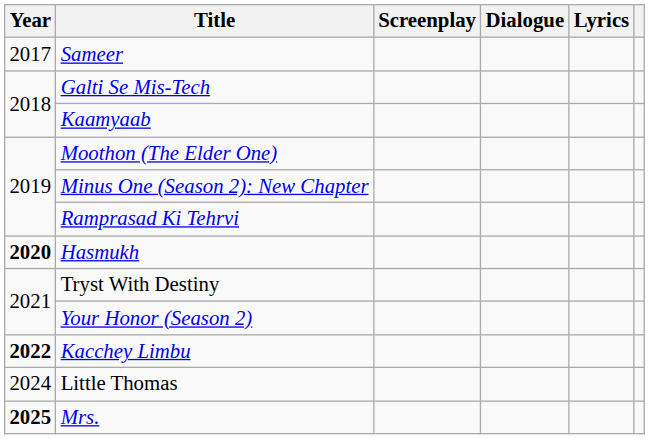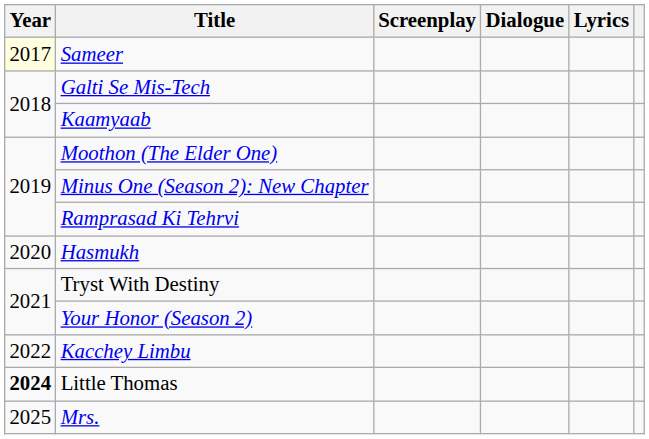 <table class="wikitable sortable">
 <tr>
 <th scope="col">Year</th>
 <th scope="col">Title</th>
 <th scope="col">Screenplay</th>
 <th scope="col">Dialogue</th>
 <th scope="col">Lyrics</th>
 <th scope="col" class="unsortable"></th>
 </tr>
 <tr>
-<td>2017</td>
+<td style="background: lightyellow;">2017</td>
 <td><em><a href='#'>Sameer</a></em></td>
 <td></td>
 <td></td>
 <td></td>
 <td></td>
 </tr>
 <tr>
 <td rowspan="2">2018</td>
 <td scope="row"><em><a href='#'>Galti Se Mis-Tech</a></em></td>
 <td></td>
 <td></td>
 <td></td>
 <td></td>
 </tr>
 <tr>
 <td scope="row"><em><a href='#'>Kaamyaab </a></em></td>
 <td></td>
 <td></td>
 <td></td>
 <td></td>
 </tr>
 <tr>
 <td rowspan="3">2019</td>
 <td scope="row"><em><a href='#'>Moothon (The Elder One)</a></em></td>
 <td></td>
 <td></td>
 <td></td>
 <td></td>
 </tr>
 <tr>
 <td scope="row"><em><a href='#'>Minus One (Season 2): New Chapter</a></em></td>
 <td></td>
 <td></td>
 <td></td>
 <td></td>
 </tr>
 <tr>
 <td scope="row"><em><a href='#'>Ramprasad Ki Tehrvi</a></em></td>
 <td></td>
 <td></td>
 <td></td>
 <td></td>
 </tr>
 <tr>
-<td><strong>2020</strong></td>
+<td>2020</td>
 <td><em><a href='#'>Hasmukh</a></em></td>
 <td></td>
 <td></td>
 <td></td>
 <td></td>
 </tr>
 <tr>
 <td rowspan="2">2021</td>
 <td scope="row">Tryst With Destiny</td>
 <td></td>
 <td></td>
 <td></td>
 <td></td>
 </tr>
 <tr>
 <td scope="row"><em><a href='#'>Your Honor (Season 2)</a></em></td>
 <td></td>
 <td></td>
 <td></td>
 <td></td>
 </tr>
 <tr>
-<td><strong>2022</strong></td>
+<td>2022</td>
 <td><em><a href='#'>Kacchey Limbu</a></em></td>
 <td></td>
 <td></td>
 <td></td>
 <td></td>
 </tr>
 <tr>
-<td>2024</td>
+<td><strong>2024</strong></td>
 <td>Little Thomas</td>
 <td></td>
 <td></td>
 <td></td>
 <td></td>
 </tr>
 <tr>
-<td><strong>2025</strong></td>
+<td>2025</td>
 <td><em><a href='#'>Mrs.</a></em></td>
 <td></td>
 <td></td>
 <td></td>
 <td></td>
 </tr>
 </table>
